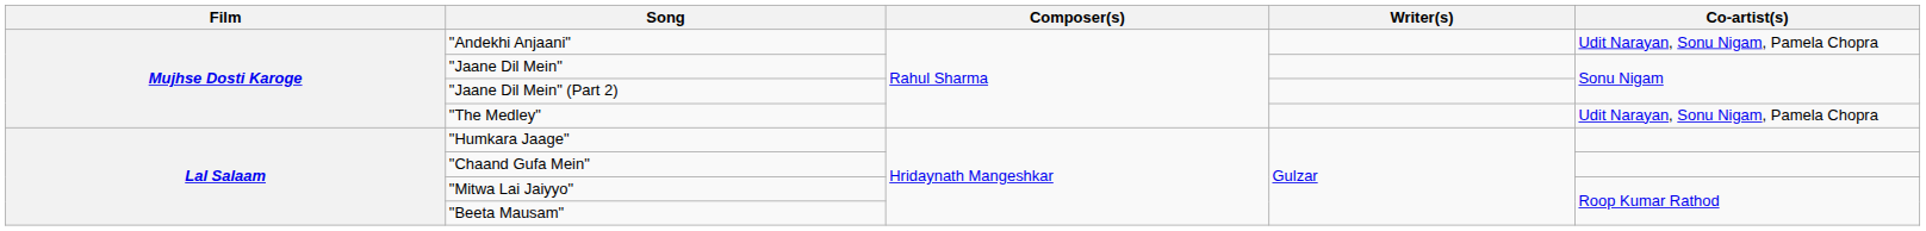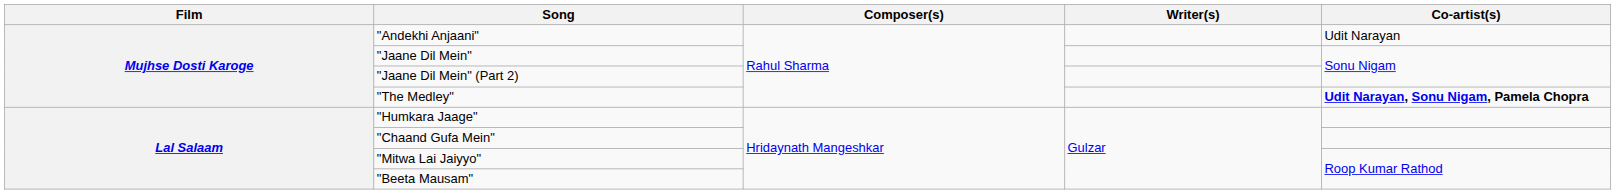 <table class="wikitable plainrowheaders" style="width:100%; textcolor:#000">
 <tr style="background:#b0e0e66;">
 <th scope="col" style="width:23%;"><strong>Film</strong></th>
 <th scope="col" style="width:23%;"><strong>Song</strong></th>
 <th scope="col" style="width:20%;"><strong>Composer(s)</strong></th>
 <th scope="col" style="width:16%;"><strong>Writer(s)</strong></th>
 <th scope="col" style="width:18%;"><strong>Co-artist(s)</strong></th>
 </tr>
 <tr>
 <th Rowspan=4><em><a href='#'>Mujhse Dosti Karoge</a></em></th>
 <td>"Andekhi Anjaani"</td>
 <td rowspan=4><a href='#'>Rahul Sharma</a></td>
 <td></td>
-<td><a href='#'>Udit Narayan</a>, <a href='#'>Sonu Nigam</a>, Pamela Chopra</td>
+<td>Udit Narayan</td>
 </tr>
 <tr>
 <td>"Jaane Dil Mein"</td>
 <td></td>
 <td rowspan=2><a href='#'>Sonu Nigam</a></td>
 </tr>
 <tr>
 <td>"Jaane Dil Mein" (Part 2)</td>
 </tr>
 <tr>
 <td>"The Medley"</td>
 <td></td>
-<td><a href='#'>Udit Narayan</a>, <a href='#'>Sonu Nigam</a>, Pamela Chopra</td>
+<td><strong><a href='#'>Udit Narayan</a>, <a href='#'>Sonu Nigam</a>, Pamela Chopra</strong></td>
 </tr>
 <tr>
 <th Rowspan=4><em><a href='#'>Lal Salaam</a></em></th>
 <td>"Humkara Jaage"</td>
 <td rowspan=4><a href='#'>Hridaynath Mangeshkar</a></td>
 <td rowspan=4><a href='#'>Gulzar</a></td>
 <td></td>
 </tr>
 <tr>
 <td>"Chaand Gufa Mein"</td>
 </tr>
 <tr>
 <td>"Mitwa Lai Jaiyyo"</td>
 <td rowspan=2><a href='#'>Roop Kumar Rathod</a></td>
 </tr>
 <tr>
 <td>"Beeta Mausam"</td>
 </tr>
 </table>
